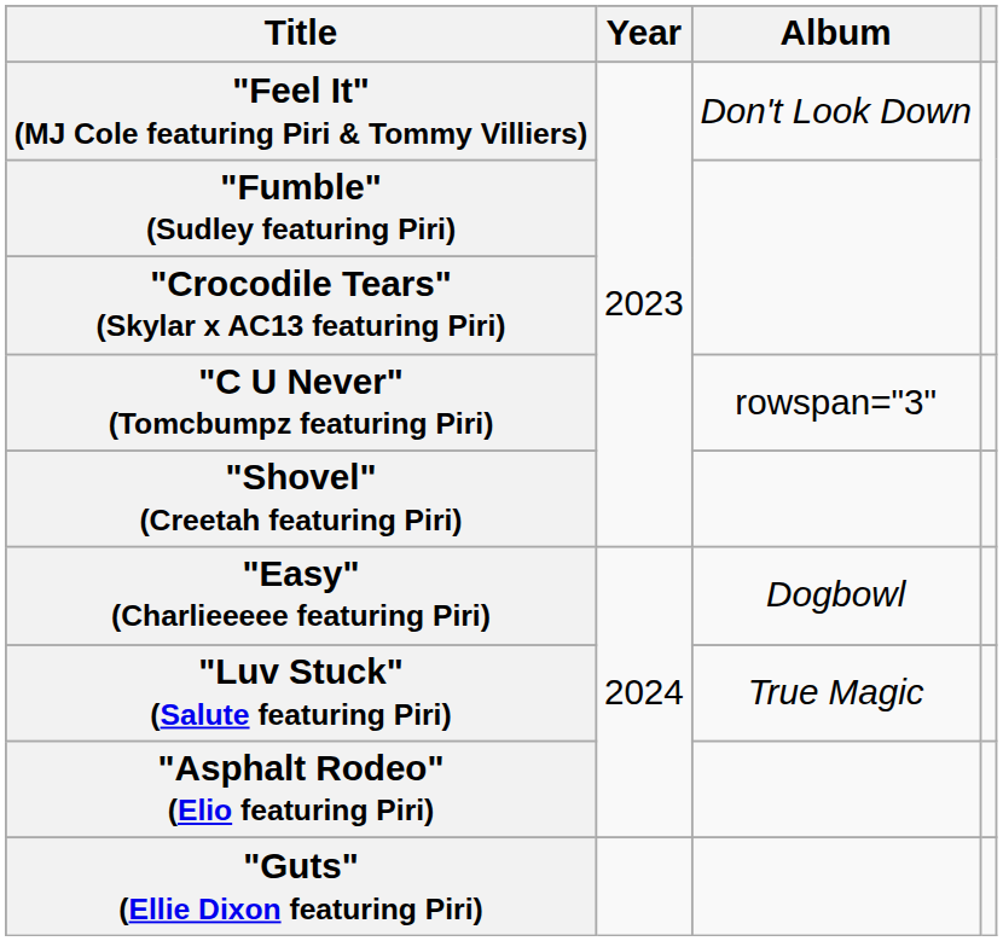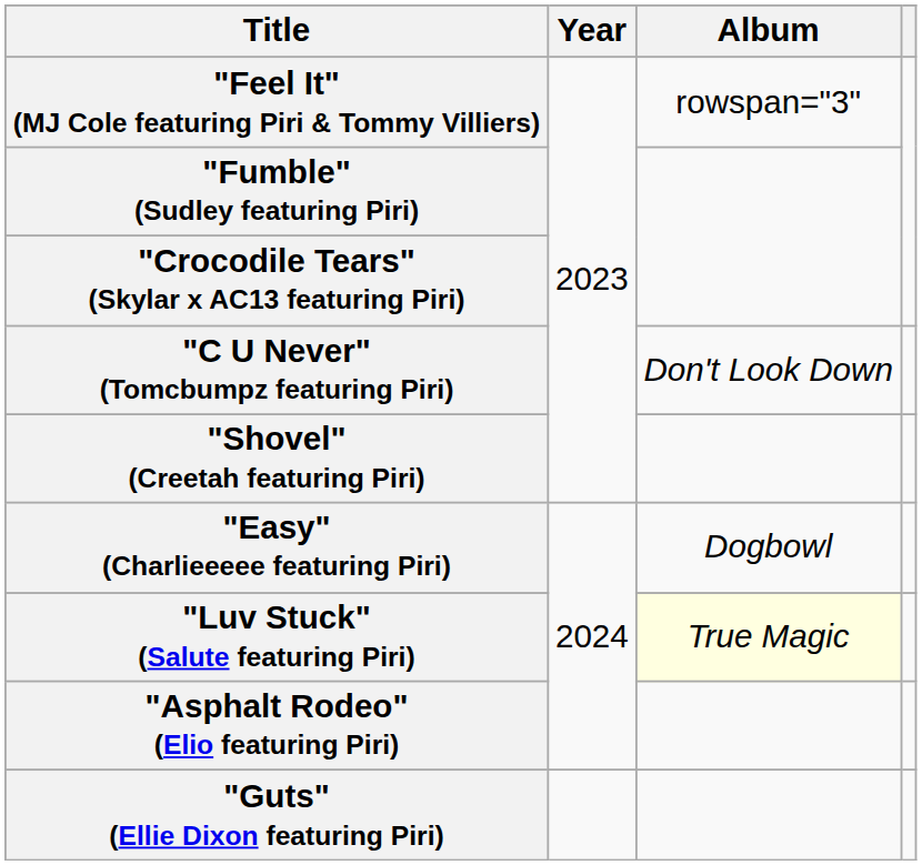 <table class="wikitable plainrowheaders" style="text-align:center;">
 <tr>
 <th scope="col">Title</th>
 <th scope="col">Year</th>
 <th scope="col">Album</th>
 <th scope="col"></th>
 </tr>
 <tr>
 <th scope="row">"Feel It"<br><small>(MJ Cole featuring Piri & Tommy Villiers)</small></th>
 <td rowspan="5">2023</td>
-<td><em>Don't Look Down</em></td>
+<td>rowspan="3" </td>
 <td rowspan="3"></td>
 </tr>
 <tr>
 <th scope="row">"Fumble"<br><small>(Sudley featuring Piri)</small></th>
 </tr>
 <tr>
 <th scope="row">"Crocodile Tears"<br><small>(Skylar x AC13 featuring Piri)</small></th>
 </tr>
 <tr>
 <th scope="row">"C U Never"<br><small>(Tomcbumpz featuring Piri)</small></th>
-<td>rowspan="3" </td>
+<td><em>Don't Look Down</em></td>
 <td></td>
 </tr>
 <tr>
 <th scope="row">"Shovel"<br><small>(Creetah featuring Piri)</small></th>
 <td></td>
 <td></td>
 </tr>
 <tr>
 <th scope="row">"Easy"<br><small>(Charlieeeee featuring Piri)</small></th>
 <td rowspan="3">2024</td>
 <td><em>Dogbowl</em></td>
 <td></td>
 </tr>
 <tr>
 <th scope="row">"Luv Stuck"<br><small>(<a href='#'>Salute</a> featuring Piri)</small></th>
-<td><em>True Magic</em></td>
+<td style="background: lightyellow;"><em>True Magic</em></td>
 <td></td>
 </tr>
 <tr>
 <th scope="row">"Asphalt Rodeo"<br><small>(<a href='#'>Elio</a> featuring Piri)</small></th>
 <td></td>
 <td></td>
 </tr>
 <tr>
 <th scope="row">"Guts"<br><small>(<a href='#'>Ellie Dixon</a> featuring Piri)</small></th>
 <td></td>
 <td></td>
 </tr>
 </table>
